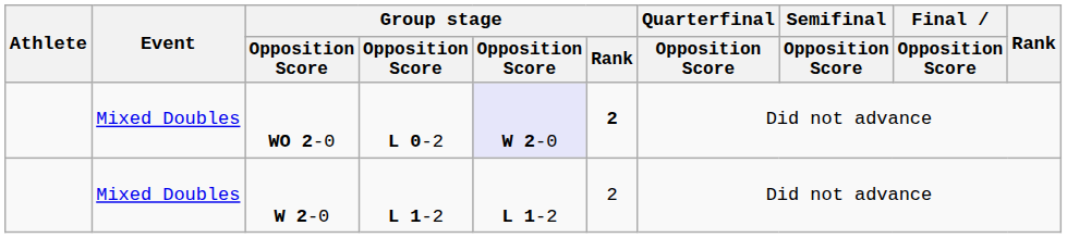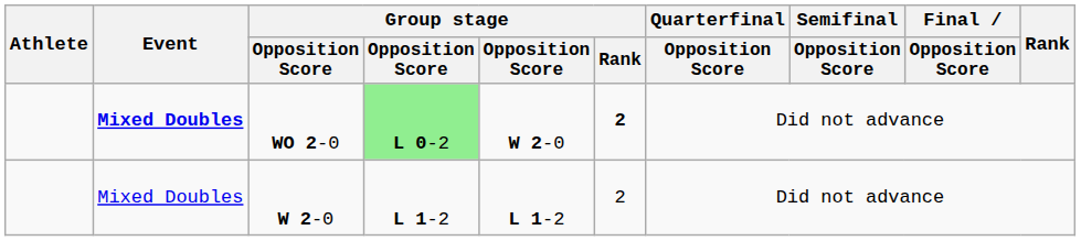 <table class="wikitable" style="font-size:90%">
 <tr>
 <th rowspan=2>Athlete</th>
 <th rowspan=2>Event</th>
 <th colspan=4>Group stage</th>
 <th>Quarterfinal</th>
 <th>Semifinal</th>
 <th>Final / </th>
 <th rowspan=2>Rank</th>
 </tr>
 <tr style="font-size:95%">
 <th>Opposition<br>Score</th>
 <th>Opposition<br>Score</th>
 <th>Opposition<br>Score</th>
 <th>Rank</th>
 <th>Opposition<br>Score</th>
 <th>Opposition<br>Score</th>
 <th>Opposition<br>Score</th>
 </tr>
 <tr align=center>
 <td align=left><br></td>
-<td align=left><a href='#'>Mixed Doubles</a></td>
+<td align=left><strong><a href='#'>Mixed Doubles</a></strong></td>
 <td><small><br></small> <br> <strong>WO</strong> <strong>2</strong>-0</td>
-<td><small><br></small> <br> <strong>L</strong> <strong>0</strong>-2</td>
-<td style="background: lavender;"><small><br></small> <br> <strong>W</strong> <strong>2</strong>-0</td>
+<td style="background: lightgreen;"><small><br></small> <br> <strong>L</strong> <strong>0</strong>-2</td>
+<td><small><br></small> <br> <strong>W</strong> <strong>2</strong>-0</td>
 <td><strong>2</strong></td>
 <td colspan=4>Did not advance</td>
 </tr>
 <tr align=center>
 <td align=left><br></td>
 <td align=left><a href='#'>Mixed Doubles</a></td>
 <td><small><br></small> <br> <strong>W</strong> <strong>2</strong>-0</td>
 <td><small><br></small> <br> <strong>L</strong> <strong>1</strong>-2</td>
 <td><small><br></small> <br> <strong>L</strong> <strong>1</strong>-2</td>
 <td>2</td>
 <td colspan=4>Did not advance</td>
 </tr>
 </table>
